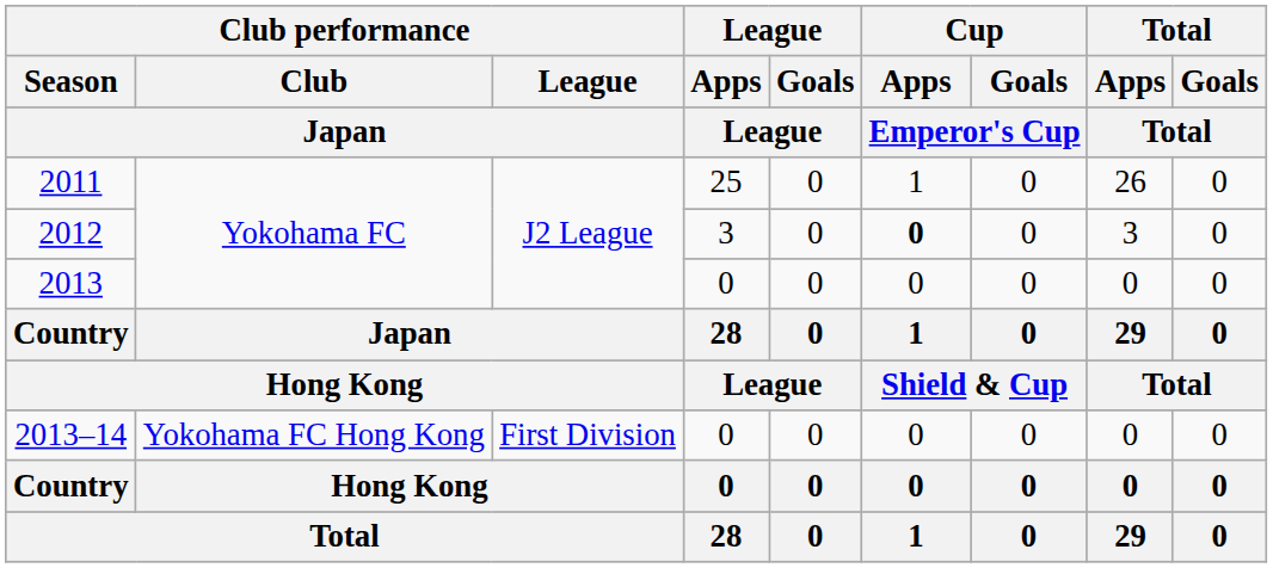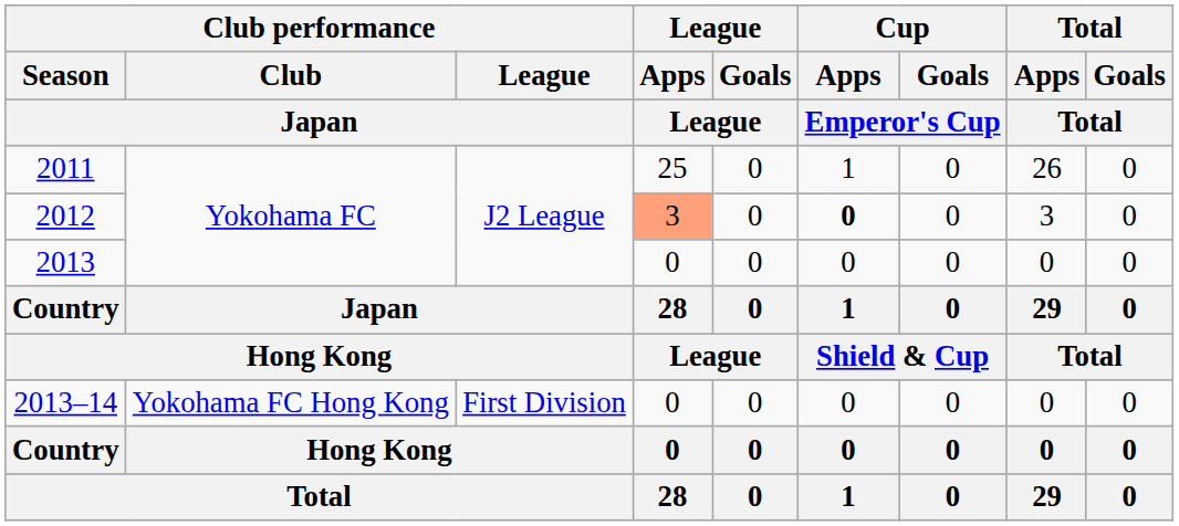 <table class="wikitable" style="text-align:center;">
 <tr>
 <th colspan=3>Club performance</th>
 <th colspan=2>League</th>
 <th colspan=2>Cup</th>
 <th colspan=2>Total</th>
 </tr>
 <tr>
 <th>Season</th>
 <th>Club</th>
 <th>League</th>
 <th>Apps</th>
 <th>Goals</th>
 <th>Apps</th>
 <th>Goals</th>
 <th>Apps</th>
 <th>Goals</th>
 </tr>
 <tr>
 <th colspan=3>Japan</th>
 <th colspan=2>League</th>
 <th colspan=2><a href='#'>Emperor's Cup</a></th>
 <th colspan=2>Total</th>
 </tr>
 <tr>
 <td><a href='#'>2011</a></td>
 <td rowspan="3"><a href='#'>Yokohama FC</a></td>
 <td rowspan="3"><a href='#'>J2 League</a></td>
 <td>25</td>
 <td>0</td>
 <td>1</td>
 <td>0</td>
 <td>26</td>
 <td>0</td>
 </tr>
 <tr>
 <td><a href='#'>2012</a></td>
-<td>3</td>
+<td style="background: lightsalmon;">3</td>
 <td>0</td>
 <td><strong>0</strong></td>
 <td>0</td>
 <td>3</td>
 <td>0</td>
 </tr>
 <tr>
 <td><a href='#'>2013</a></td>
 <td>0</td>
 <td>0</td>
 <td>0</td>
 <td>0</td>
 <td>0</td>
 <td>0</td>
 </tr>
 <tr>
 <th rowspan=1>Country</th>
 <th colspan=2>Japan</th>
 <th>28</th>
 <th>0</th>
 <th>1</th>
 <th>0</th>
 <th>29</th>
 <th>0</th>
 </tr>
 <tr>
 <th colspan=3>Hong Kong</th>
 <th colspan=2>League</th>
 <th colspan=2><a href='#'>Shield</a> & <a href='#'>Cup</a></th>
 <th colspan=2>Total</th>
 </tr>
 <tr>
 <td><a href='#'>2013–14</a></td>
 <td><a href='#'>Yokohama FC Hong Kong</a></td>
 <td><a href='#'>First Division</a></td>
 <td>0</td>
 <td>0</td>
 <td>0</td>
 <td>0</td>
 <td>0</td>
 <td>0</td>
 </tr>
 <tr>
 <th rowspan=1>Country</th>
 <th colspan=2>Hong Kong</th>
 <th>0</th>
 <th>0</th>
 <th>0</th>
 <th>0</th>
 <th>0</th>
 <th>0</th>
 </tr>
 <tr>
 <th colspan=3>Total</th>
 <th>28</th>
 <th>0</th>
 <th>1</th>
 <th>0</th>
 <th>29</th>
 <th>0</th>
 </tr>
 </table>
